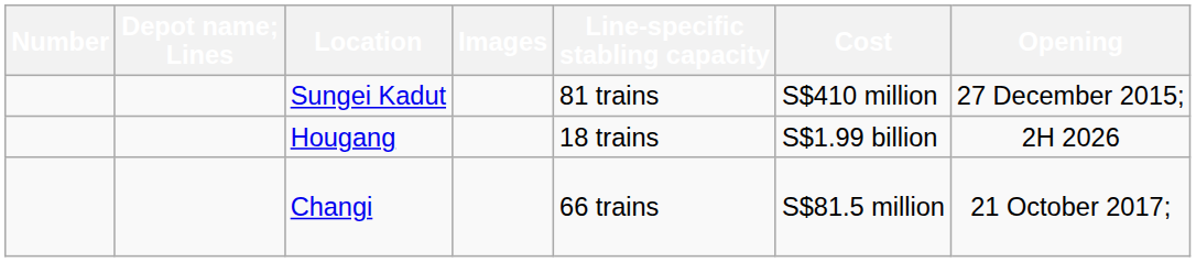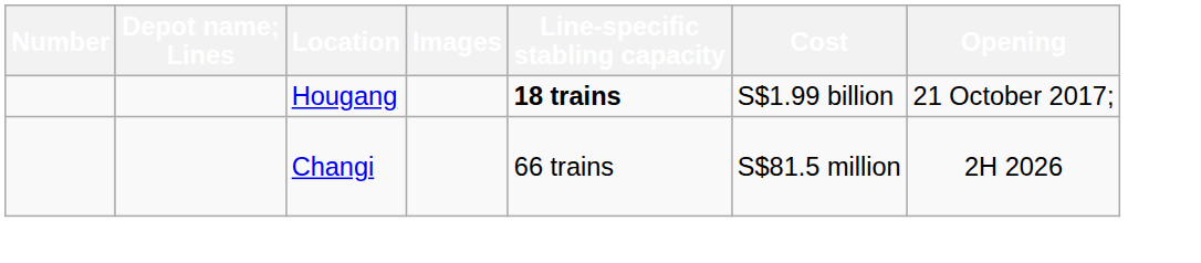 <table class="wikitable" style="color: black; border-collapse: collapse; font-size: 95%">
 <tr>
 <th scope="col" style="color: white; background:#">Number</th>
 <th scope="col" style="color: white; background:#">Depot name;<br>Lines</th>
 <th scope="col" style="color: white; background:#">Location</th>
 <th scope="col" style="color: white; background:#">Images</th>
 <th scope="col" style="color: white; background:#">Line-specific<br>stabling capacity</th>
 <th scope="col" style="color: white; background:#">Cost</th>
 <th scope="col" style="color: white; background:#">Opening</th>
 </tr>
 <tr>
 <td></td>
 <td> </td>
-<td><a href='#'>Sungei Kadut</a></td>
-<td></td>
-<td>81 trains</td>
-<td>S$410 million</td>
-<td align=center>27 December 2015;<br></td>
-</tr>
-<tr>
-<td></td>
-<td> </td>
 <td><a href='#'>Hougang</a></td>
 <td></td>
-<td>18 trains</td>
+<td><strong>18 trains</strong></td>
 <td>S$1.99 billion</td>
-<td align=center>2H 2026</td>
+<td align=center>21 October 2017;<br></td>
 </tr>
 <tr>
 <td></td>
 <td> <br> <br> </td>
 <td><a href='#'>Changi</a></td>
 <td></td>
 <td>66 trains</td>
 <td>S$81.5 million</td>
-<td align=center>21 October 2017;<br></td>
+<td align=center>2H 2026</td>
 </tr>
 </table>
